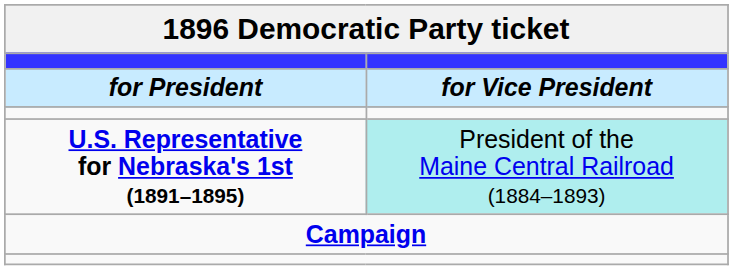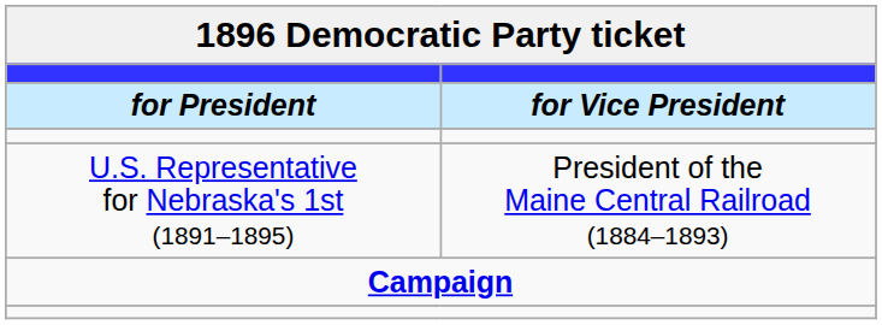 <table class="wikitable" style="font-size:90%; text-align:center;">
 <tr>
 <td style="background:#f1f1f1;" colspan="30"><big><strong>1896 Democratic Party ticket</strong></big></td>
 </tr>
 <tr>
 <th style="width:3em; font-size:135%; background:#3333FF; width:200px;"><a href='#'></a></th>
 <th style="width:3em; font-size:135%; background:#3333FF; width:200px;"><a href='#'></a></th>
 </tr>
 <tr style="color:#000; font-size:100%; background:#C8EBFF;">
 <td style="width:3em; width:200px;"><strong><em>for President</em></strong></td>
 <td style="width:3em; width:200px;"><strong><em>for Vice President</em></strong></td>
 </tr>
 <tr>
 <td></td>
 <td></td>
 </tr>
 <tr>
-<td><strong><a href='#'>U.S. Representative</a><br>for <a href='#'>Nebraska's 1st</a><br><small>(1891–1895)</small></strong></td>
-<td style="background: paleturquoise;">President of the<br><a href='#'>Maine Central Railroad</a><br><small>(1884–1893)</small></td>
+<td><a href='#'>U.S. Representative</a><br>for <a href='#'>Nebraska's 1st</a><br><small>(1891–1895)</small></td>
+<td>President of the<br><a href='#'>Maine Central Railroad</a><br><small>(1884–1893)</small></td>
 </tr>
 <tr>
 <td colspan=2><a href='#'><strong>Campaign</strong></a></td>
 </tr>
 <tr>
 <td colspan=2></td>
 </tr>
 </table>
